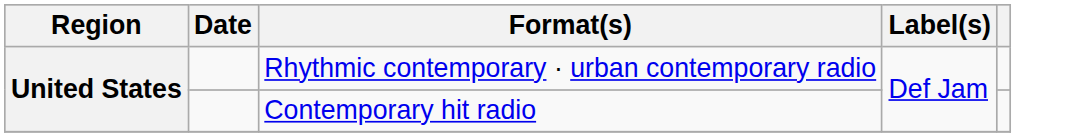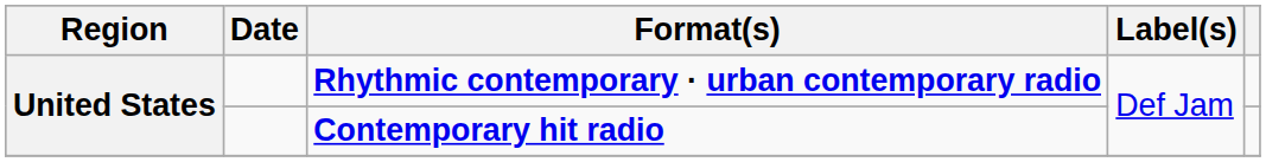 <table class="wikitable plainrowheaders" style="text-align:left">
 <tr>
 <th scope="col">Region</th>
 <th scope="col">Date</th>
 <th scope="col">Format(s)</th>
 <th scope="col">Label(s)</th>
 <th scope="col"></th>
 </tr>
 <tr>
 <th rowspan="2" scope="row">United States</th>
 <td></td>
-<td><a href='#'>Rhythmic contemporary</a> · <a href='#'>urban contemporary radio</a></td>
+<td><strong><a href='#'>Rhythmic contemporary</a> · <a href='#'>urban contemporary radio</a></strong></td>
 <td rowspan="2"><a href='#'>Def Jam</a></td>
 <td></td>
 </tr>
 <tr>
 <td></td>
-<td><a href='#'>Contemporary hit radio</a></td>
+<td><strong><a href='#'>Contemporary hit radio</a></strong></td>
 <td></td>
 </tr>
 <tr>
 </tr>
 </table>
